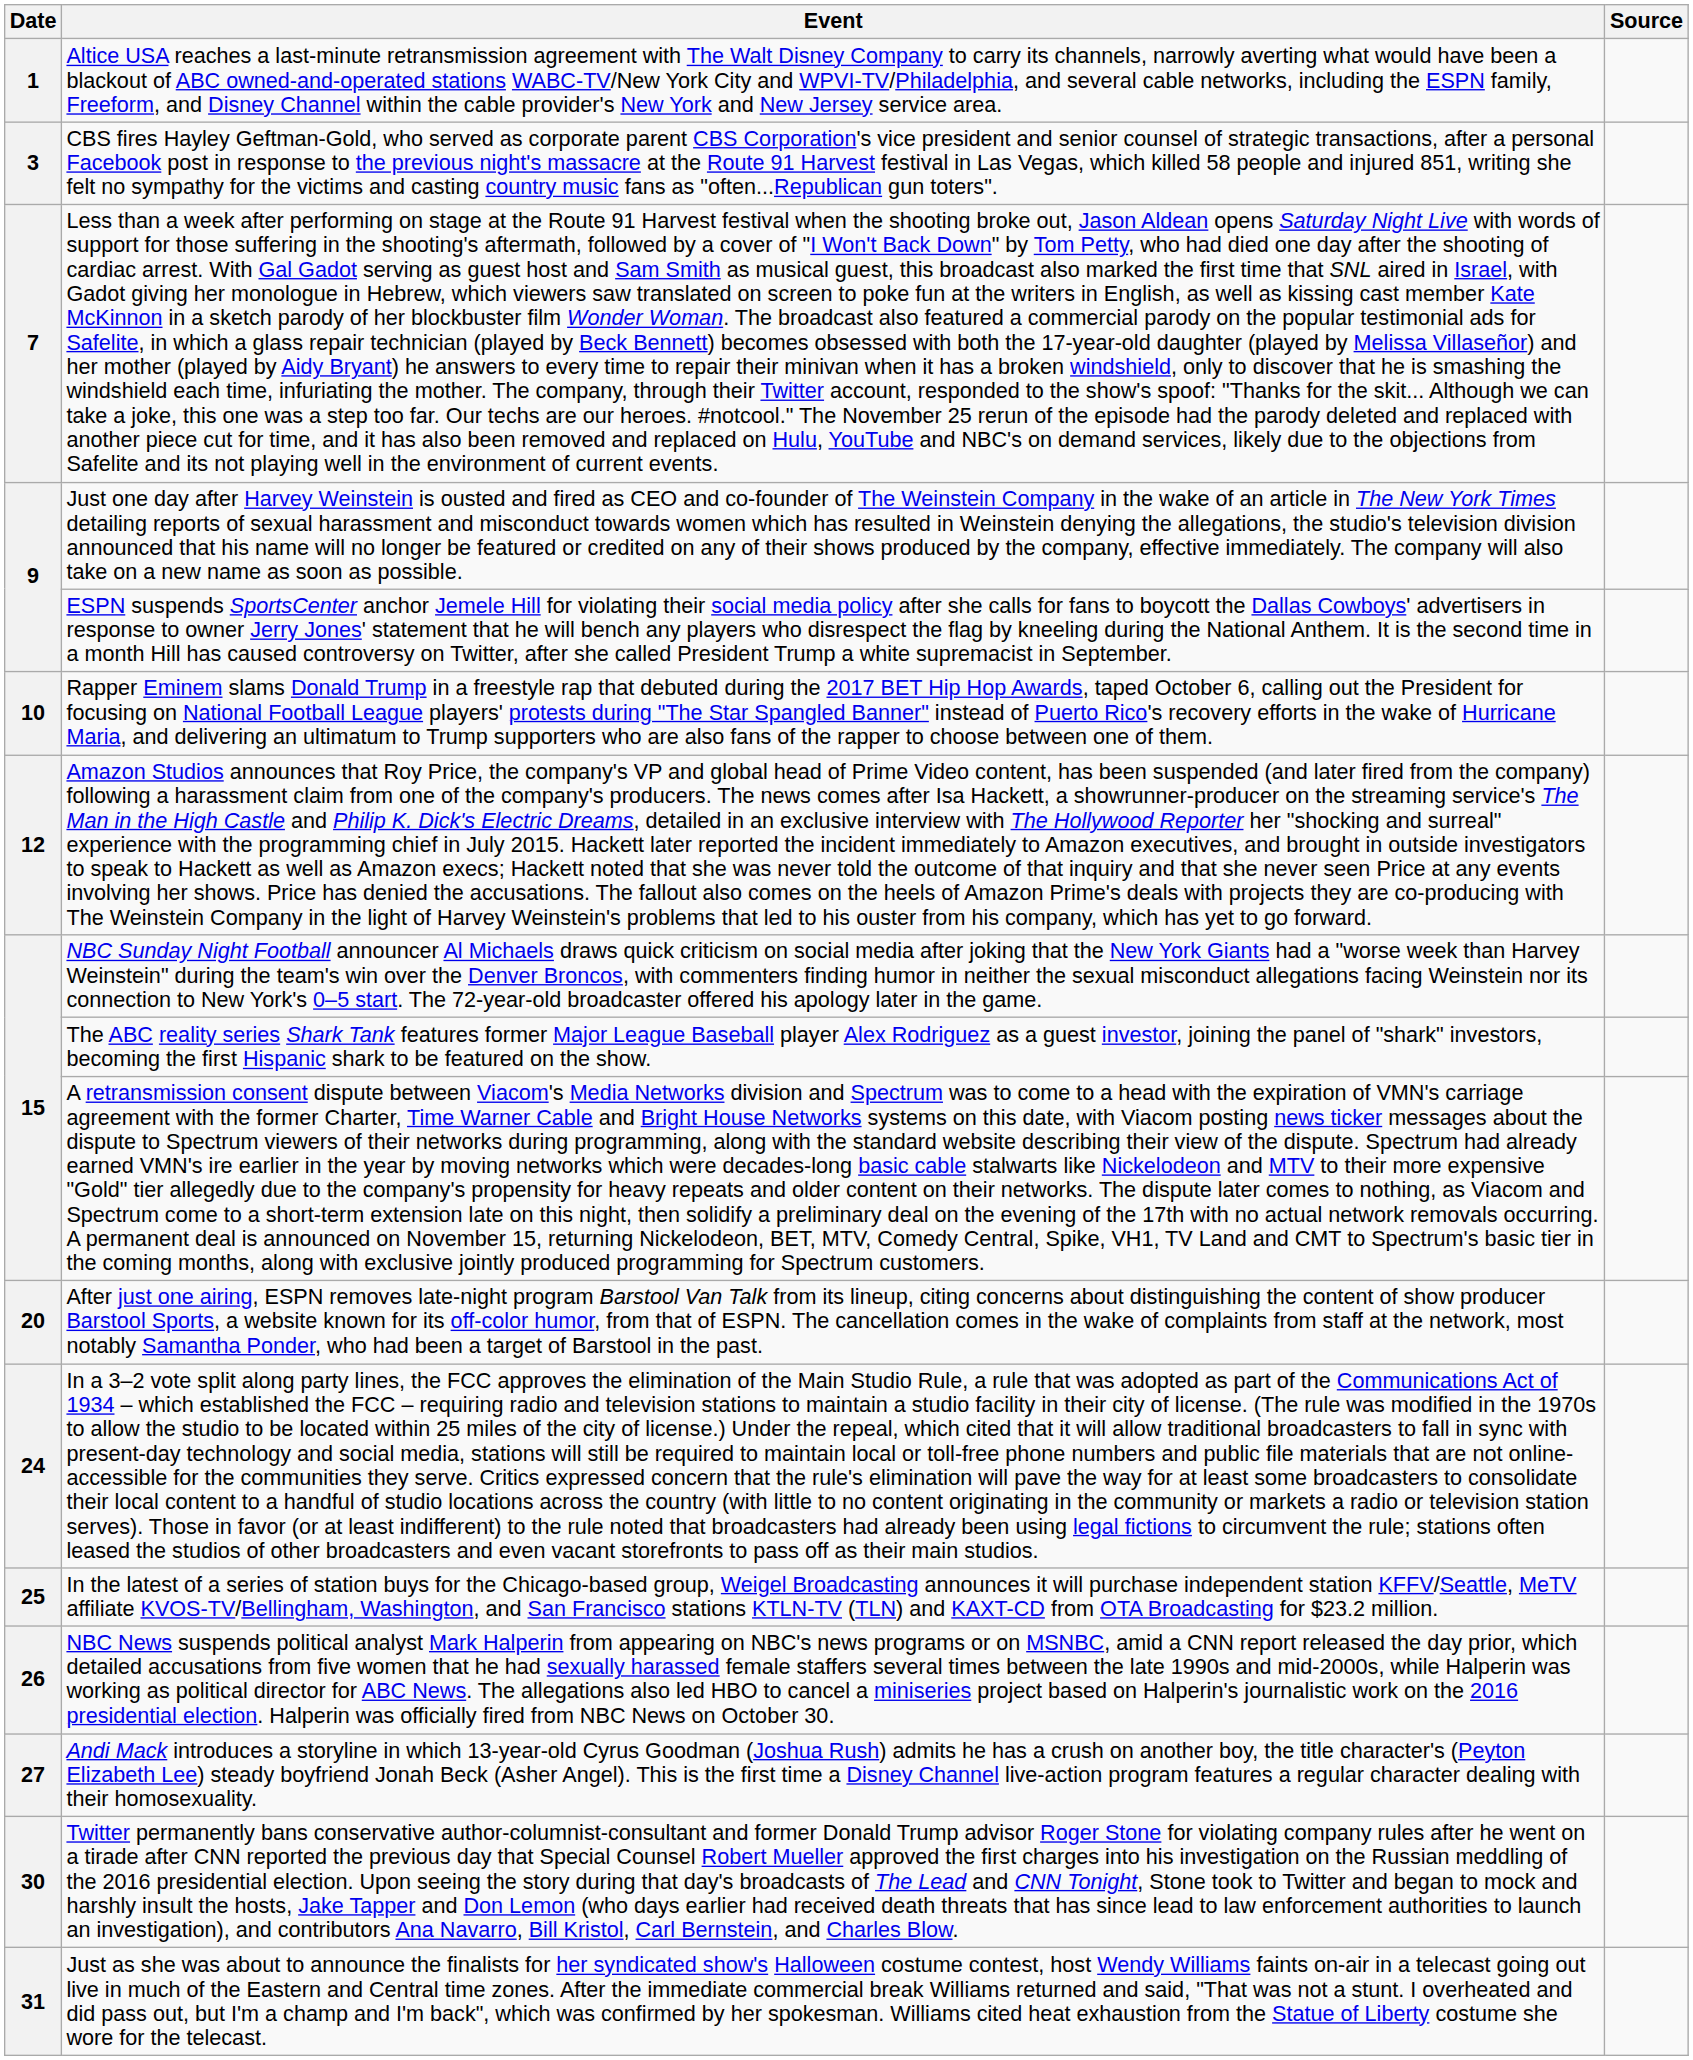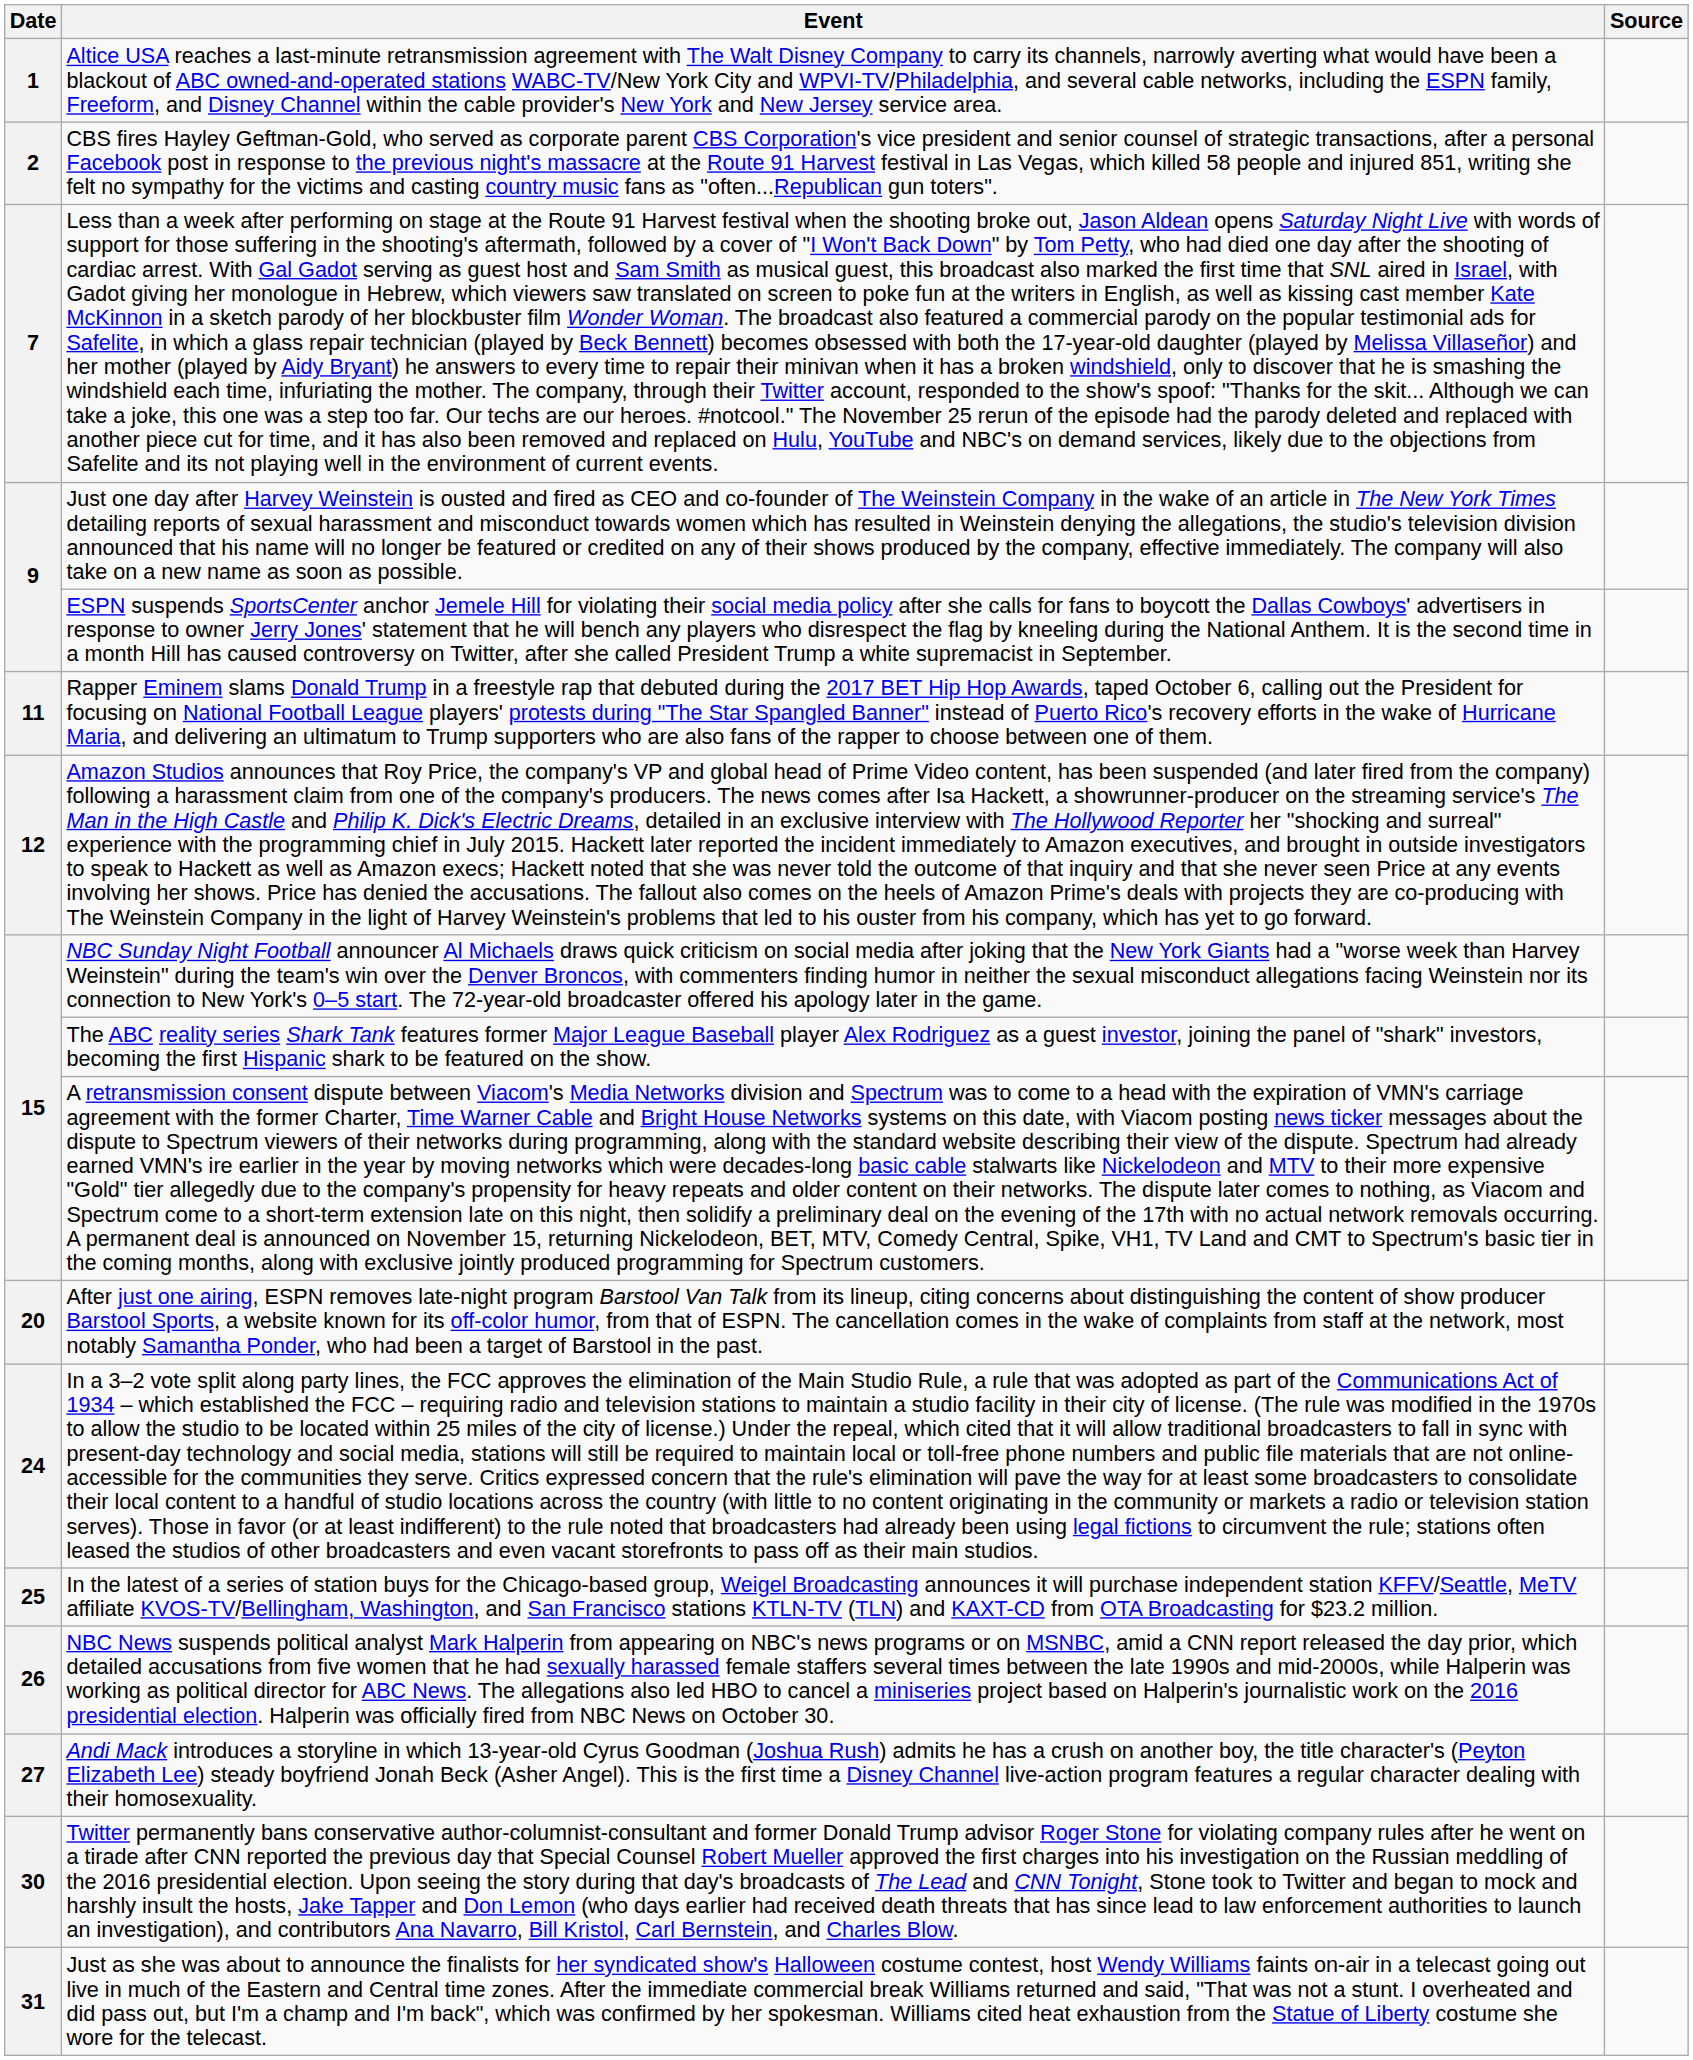 <table class="wikitable">
 <tr>
 <th>Date</th>
 <th>Event</th>
 <th>Source</th>
 </tr>
 <tr>
 <th>1</th>
 <td><a href='#'>Altice USA</a> reaches a last-minute retransmission agreement with <a href='#'>The Walt Disney Company</a> to carry its channels, narrowly averting what would have been a blackout of <a href='#'>ABC owned-and-operated stations</a> <a href='#'>WABC-TV</a>/New York City and <a href='#'>WPVI-TV</a>/<a href='#'>Philadelphia</a>, and several cable networks, including the <a href='#'>ESPN</a> family, <a href='#'>Freeform</a>, and <a href='#'>Disney Channel</a> within the cable provider's <a href='#'>New York</a> and <a href='#'>New Jersey</a> service area.</td>
 <td></td>
 </tr>
 <tr>
-<th>3</th>
+<th>2</th>
 <td>CBS fires Hayley Geftman-Gold, who served as corporate parent <a href='#'>CBS Corporation</a>'s vice president and senior counsel of strategic transactions, after a personal <a href='#'>Facebook</a> post in response to <a href='#'>the previous night's massacre</a> at the <a href='#'>Route 91 Harvest</a> festival in Las Vegas, which killed 58 people and injured 851, writing she felt no sympathy for the victims and casting <a href='#'>country music</a> fans as "often...<a href='#'>Republican</a> gun toters".</td>
 <td></td>
 </tr>
 <tr>
 <th>7</th>
 <td>Less than a week after performing on stage at the Route 91 Harvest festival when the shooting broke out, <a href='#'>Jason Aldean</a> opens <em><a href='#'>Saturday Night Live</a></em> with words of support for those suffering in the shooting's aftermath, followed by a cover of "<a href='#'>I Won't Back Down</a>" by <a href='#'>Tom Petty</a>, who had died one day after the shooting of cardiac arrest. With <a href='#'>Gal Gadot</a> serving as guest host and <a href='#'>Sam Smith</a> as musical guest, this broadcast also marked the first time that <em>SNL</em> aired in <a href='#'>Israel</a>, with Gadot giving her monologue in Hebrew, which viewers saw translated on screen to poke fun at the writers in English, as well as kissing cast member <a href='#'>Kate McKinnon</a> in a sketch parody of her blockbuster film <em><a href='#'>Wonder Woman</a></em>. The broadcast also featured a commercial parody on the popular testimonial ads for <a href='#'>Safelite</a>, in which a glass repair technician (played by <a href='#'>Beck Bennett</a>) becomes obsessed with both the 17-year-old daughter (played by <a href='#'>Melissa Villaseñor</a>) and her mother (played by <a href='#'>Aidy Bryant</a>) he answers to every time to repair their minivan when it has a broken <a href='#'>windshield</a>, only to discover that he is smashing the windshield each time, infuriating the mother. The company, through their <a href='#'>Twitter</a> account, responded to the show's spoof: "Thanks for the skit... Although we can take a joke, this one was a step too far. Our techs are our heroes. #notcool." The November 25 rerun of the episode had the parody deleted and replaced with another piece cut for time, and it has also been removed and replaced on <a href='#'>Hulu</a>, <a href='#'>YouTube</a> and NBC's on demand services, likely due to the objections from Safelite and its not playing well in the environment of current events.</td>
 <td><br></td>
 </tr>
 <tr>
 <th rowspan=2>9</th>
 <td>Just one day after <a href='#'>Harvey Weinstein</a> is ousted and fired as CEO and co-founder of <a href='#'>The Weinstein Company</a> in the wake of an article in <em><a href='#'>The New York Times</a></em> detailing reports of sexual harassment and misconduct towards women which has resulted in Weinstein denying the allegations, the studio's television division announced that his name will no longer be featured or credited on any of their shows produced by the company, effective immediately. The company will also take on a new name as soon as possible.</td>
 </tr>
 <tr>
 <td><a href='#'>ESPN</a> suspends <em><a href='#'>SportsCenter</a></em> anchor <a href='#'>Jemele Hill</a> for violating their <a href='#'>social media policy</a> after she calls for fans to boycott the <a href='#'>Dallas Cowboys</a>' advertisers in response to owner <a href='#'>Jerry Jones</a>' statement that he will bench any players who disrespect the flag by kneeling during the National Anthem. It is the second time in a month Hill has caused controversy on Twitter, after she called President Trump a white supremacist in September.</td>
 <td></td>
 </tr>
 <tr>
-<th>10</th>
+<th>11</th>
 <td>Rapper <a href='#'>Eminem</a> slams <a href='#'>Donald Trump</a> in a freestyle rap that debuted during the <a href='#'>2017 BET Hip Hop Awards</a>, taped October 6, calling out the President for focusing on <a href='#'>National Football League</a> players' <a href='#'>protests during "The Star Spangled Banner"</a> instead of <a href='#'>Puerto Rico</a>'s recovery efforts in the wake of <a href='#'>Hurricane Maria</a>, and delivering an ultimatum to Trump supporters who are also fans of the rapper to choose between one of them.</td>
 <td></td>
 </tr>
 <tr>
 <th>12</th>
 <td><a href='#'>Amazon Studios</a> announces that Roy Price, the company's VP and global head of Prime Video content, has been suspended (and later fired from the company) following a harassment claim from one of the company's producers. The news comes after Isa Hackett, a showrunner-producer on the streaming service's <em><a href='#'>The Man in the High Castle</a></em> and <em><a href='#'>Philip K. Dick's Electric Dreams</a></em>, detailed in an exclusive interview with <em><a href='#'>The Hollywood Reporter</a></em> her "shocking and surreal" experience with the programming chief in July 2015. Hackett later reported the incident immediately to Amazon executives, and brought in outside investigators to speak to Hackett as well as Amazon execs; Hackett noted that she was never told the outcome of that inquiry and that she never seen Price at any events involving her shows. Price has denied the accusations. The fallout also comes on the heels of Amazon Prime's deals with projects they are co-producing with The Weinstein Company in the light of Harvey Weinstein's problems that led to his ouster from his company, which has yet to go forward.</td>
 <td></td>
 </tr>
 <tr>
 <th rowspan=3>15</th>
 <td><em><a href='#'>NBC Sunday Night Football</a></em> announcer <a href='#'>Al Michaels</a> draws quick criticism on social media after joking that the <a href='#'>New York Giants</a> had a "worse week than Harvey Weinstein" during the team's win over the <a href='#'>Denver Broncos</a>, with commenters finding humor in neither the sexual misconduct allegations facing Weinstein nor its connection to New York's <a href='#'>0–5 start</a>. The 72-year-old broadcaster offered his apology later in the game.</td>
 <td></td>
 </tr>
 <tr>
 <td>The <a href='#'>ABC</a> <a href='#'>reality series</a> <em><a href='#'>Shark Tank</a></em> features former <a href='#'>Major League Baseball</a> player <a href='#'>Alex Rodriguez</a> as a guest <a href='#'>investor</a>, joining the panel of "shark" investors, becoming the first <a href='#'>Hispanic</a> shark to be featured on the show.</td>
 <td></td>
 </tr>
 <tr>
 <td>A <a href='#'>retransmission consent</a> dispute between <a href='#'>Viacom</a>'s <a href='#'>Media Networks</a> division and <a href='#'>Spectrum</a> was to come to a head with the expiration of VMN's carriage agreement with the former Charter, <a href='#'>Time Warner Cable</a> and <a href='#'>Bright House Networks</a> systems on this date, with Viacom posting <a href='#'>news ticker</a> messages about the dispute to Spectrum viewers of their networks during programming, along with the standard website describing their view of the dispute. Spectrum had already earned VMN's ire earlier in the year by moving networks which were decades-long <a href='#'>basic cable</a> stalwarts like <a href='#'>Nickelodeon</a> and <a href='#'>MTV</a> to their more expensive "Gold" tier allegedly due to the company's propensity for heavy repeats and older content on their networks. The dispute later comes to nothing, as Viacom and Spectrum come to a short-term extension late on this night, then solidify a preliminary deal on the evening of the 17th with no actual network removals occurring. A permanent deal is announced on November 15, returning Nickelodeon, BET, MTV, Comedy Central, Spike, VH1, TV Land and CMT to Spectrum's basic tier in the coming months, along with exclusive jointly produced programming for Spectrum customers.</td>
 <td><br></td>
 </tr>
 <tr>
 <th>20</th>
 <td>After <a href='#'>just one airing</a>, ESPN removes late-night program <em>Barstool Van Talk</em> from its lineup, citing concerns about distinguishing the content of show producer <a href='#'>Barstool Sports</a>, a website known for its <a href='#'>off-color humor</a>, from that of ESPN. The cancellation comes in the wake of complaints from staff at the network, most notably <a href='#'>Samantha Ponder</a>, who had been a target of Barstool in the past.</td>
 <td></td>
 </tr>
 <tr>
 <th>24</th>
 <td>In a 3–2 vote split along party lines, the FCC approves the elimination of the Main Studio Rule, a rule that was adopted as part of the <a href='#'>Communications Act of 1934</a> – which established the FCC – requiring radio and television stations to maintain a studio facility in their city of license. (The rule was modified in the 1970s to allow the studio to be located within 25 miles of the city of license.) Under the repeal, which cited that it will allow traditional broadcasters to fall in sync with present-day technology and social media, stations will still be required to maintain local or toll-free phone numbers and public file materials that are not online-accessible for the communities they serve. Critics expressed concern that the rule's elimination will pave the way for at least some broadcasters to consolidate their local content to a handful of studio locations across the country (with little to no content originating in the community or markets a radio or television station serves). Those in favor (or at least indifferent) to the rule noted that broadcasters had already been using <a href='#'>legal fictions</a> to circumvent the rule; stations often leased the studios of other broadcasters and even vacant storefronts to pass off as their main studios.</td>
 <td></td>
 </tr>
 <tr>
 <th>25</th>
 <td>In the latest of a series of station buys for the Chicago-based group, <a href='#'>Weigel Broadcasting</a> announces it will purchase independent station <a href='#'>KFFV</a>/<a href='#'>Seattle</a>, <a href='#'>MeTV</a> affiliate <a href='#'>KVOS-TV</a>/<a href='#'>Bellingham, Washington</a>, and <a href='#'>San Francisco</a> stations <a href='#'>KTLN-TV</a> (<a href='#'>TLN</a>) and <a href='#'>KAXT-CD</a> from <a href='#'>OTA Broadcasting</a> for $23.2 million.</td>
 <td></td>
 </tr>
 <tr>
 <th>26</th>
 <td><a href='#'>NBC News</a> suspends political analyst <a href='#'>Mark Halperin</a> from appearing on NBC's news programs or on <a href='#'>MSNBC</a>, amid a CNN report released the day prior, which detailed accusations from five women that he had <a href='#'>sexually harassed</a> female staffers several times between the late 1990s and mid-2000s, while Halperin was working as political director for <a href='#'>ABC News</a>. The allegations also led HBO to cancel a <a href='#'>miniseries</a> project based on Halperin's journalistic work on the <a href='#'>2016 presidential election</a>. Halperin was officially fired from NBC News on October 30.</td>
 <td><br></td>
 </tr>
 <tr>
 <th>27</th>
 <td><em><a href='#'>Andi Mack</a></em> introduces a storyline in which 13-year-old Cyrus Goodman (<a href='#'>Joshua Rush</a>) admits he has a crush on another boy, the title character's (<a href='#'>Peyton Elizabeth Lee</a>) steady boyfriend Jonah Beck (Asher Angel). This is the first time a <a href='#'>Disney Channel</a> live-action program features a regular character dealing with their homosexuality.</td>
 <td></td>
 </tr>
 <tr>
 <th>30</th>
 <td><a href='#'>Twitter</a> permanently bans conservative author-columnist-consultant and former Donald Trump advisor <a href='#'>Roger Stone</a> for violating company rules after he went on a tirade after CNN reported the previous day that Special Counsel <a href='#'>Robert Mueller</a> approved the first charges into his investigation on the Russian meddling of the 2016 presidential election. Upon seeing the story during that day's broadcasts of <em><a href='#'>The Lead</a></em> and <em><a href='#'>CNN Tonight</a></em>, Stone took to Twitter and began to mock and harshly insult the hosts, <a href='#'>Jake Tapper</a> and <a href='#'>Don Lemon</a> (who days earlier had received death threats that has since lead to law enforcement authorities to launch an investigation), and contributors <a href='#'>Ana Navarro</a>, <a href='#'>Bill Kristol</a>, <a href='#'>Carl Bernstein</a>, and <a href='#'>Charles Blow</a>.</td>
 <td></td>
 </tr>
 <tr>
 <th>31</th>
 <td>Just as she was about to announce the finalists for <a href='#'>her syndicated show's</a> <a href='#'>Halloween</a> costume contest, host <a href='#'>Wendy Williams</a> faints on-air in a telecast going out live in much of the Eastern and Central time zones. After the immediate commercial break Williams returned and said, "That was not a stunt. I overheated and did pass out, but I'm a champ and I'm back", which was confirmed by her spokesman. Williams cited heat exhaustion from the <a href='#'>Statue of Liberty</a> costume she wore for the telecast.</td>
 <td></td>
 </tr>
 </table>
